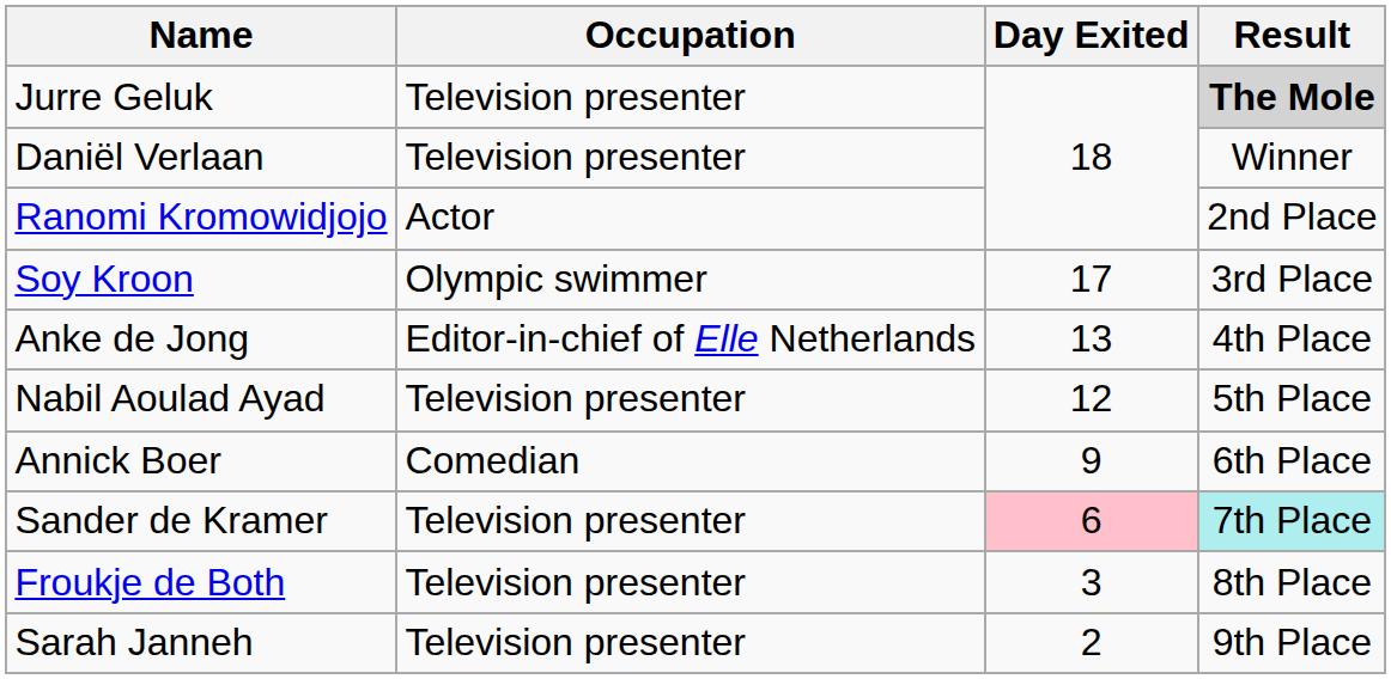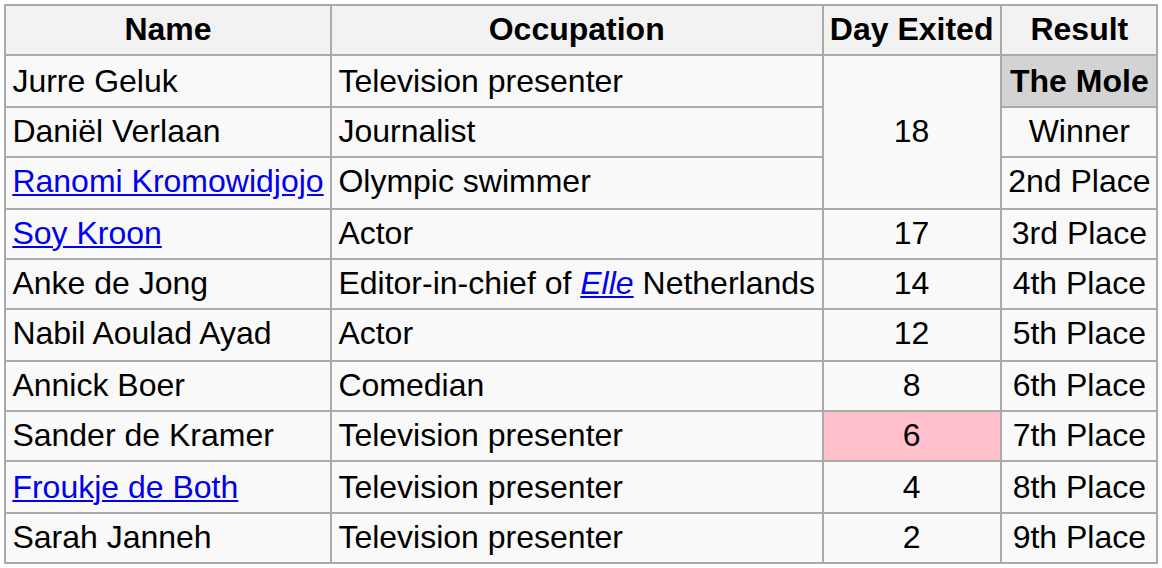 <table class="wikitable sortable" style="text-align:center;">
 <tr>
 <th>Name</th>
 <th>Occupation</th>
 <th>Day Exited</th>
 <th>Result</th>
 </tr>
 <tr>
 <td style="text-align:left">Jurre Geluk</td>
 <td style="text-align:left">Television presenter</td>
 <td rowspan="3" style="text-align:center">18</td>
 <td style=background:lightgray;><strong>The Mole</strong></td>
 </tr>
 <tr>
 <td style="text-align:left">Daniël Verlaan</td>
-<td style="text-align:left">Television presenter</td>
+<td style="text-align:left">Journalist</td>
 <td>Winner</td>
 </tr>
 <tr>
 <td style="text-align:left"><a href='#'>Ranomi Kromowidjojo</a></td>
-<td style="text-align:left">Actor</td>
+<td style="text-align:left">Olympic swimmer</td>
 <td>2nd Place</td>
 </tr>
 <tr>
 <td style="text-align:left"><a href='#'>Soy Kroon</a></td>
-<td style="text-align:left">Olympic swimmer</td>
+<td style="text-align:left">Actor</td>
 <td>17</td>
 <td>3rd Place</td>
 </tr>
 <tr>
 <td style="text-align:left">Anke de Jong</td>
 <td style="text-align:left">Editor-in-chief of <em><a href='#'>Elle</a></em> Netherlands</td>
-<td>13</td>
+<td>14</td>
 <td>4th Place</td>
 </tr>
 <tr>
 <td style="text-align:left">Nabil Aoulad Ayad</td>
-<td style="text-align:left">Television presenter</td>
+<td style="text-align:left">Actor</td>
 <td>12</td>
 <td>5th Place</td>
 </tr>
 <tr>
 <td style="text-align:left">Annick Boer</td>
 <td style="text-align:left">Comedian</td>
-<td>9</td>
+<td>8</td>
 <td>6th Place</td>
 </tr>
 <tr>
 <td style="text-align:left">Sander de Kramer</td>
 <td style="text-align:left">Television presenter</td>
 <td style="background: pink;">6</td>
-<td style="background: paleturquoise;">7th Place</td>
+<td>7th Place</td>
 </tr>
 <tr>
 <td style="text-align:left"><a href='#'>Froukje de Both</a></td>
 <td style="text-align:left">Television presenter</td>
-<td>3</td>
+<td>4</td>
 <td>8th Place</td>
 </tr>
 <tr>
 <td style="text-align:left">Sarah Janneh</td>
 <td style="text-align:left">Television presenter</td>
 <td>2</td>
 <td>9th Place</td>
 </tr>
 <tr>
 </tr>
 </table>
